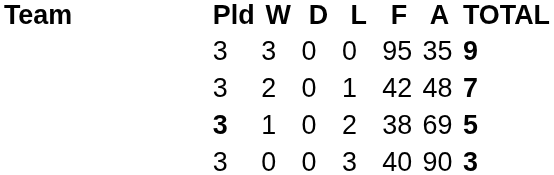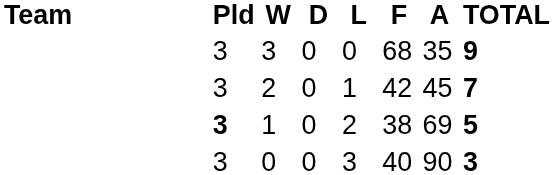 <table>
 <tr>
 <td><br></td>
 </tr>
 <tr border=1 cellpadding=5 cellspacing=0>
 <th width="200">Team</th>
 <th width="20">Pld</th>
 <th width="20">W</th>
 <th width="20">D</th>
 <th width="20">L</th>
 <th width="20">F</th>
 <th width="20">A</th>
 <th width="20">TOTAL</th>
 </tr>
 <tr>
 <td align=left></td>
 <td>3</td>
 <td>3</td>
 <td>0</td>
 <td>0</td>
-<td>95</td>
+<td>68</td>
 <td>35</td>
 <td><strong>9</strong></td>
 </tr>
 <tr>
 <td align=left></td>
 <td>3</td>
 <td>2</td>
 <td>0</td>
 <td>1</td>
 <td>42</td>
-<td>48</td>
+<td>45</td>
 <td><strong>7</strong></td>
 </tr>
 <tr>
 <td align=left></td>
 <td><strong>3</strong></td>
 <td>1</td>
 <td>0</td>
 <td>2</td>
 <td>38</td>
 <td>69</td>
 <td><strong>5</strong></td>
 </tr>
 <tr>
 <td align=left></td>
 <td>3</td>
 <td>0</td>
 <td>0</td>
 <td>3</td>
 <td>40</td>
 <td>90</td>
 <td><strong>3</strong></td>
 </tr>
 </table>
